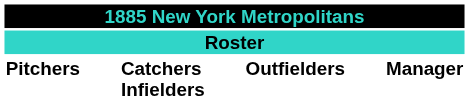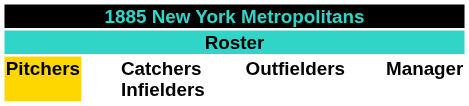 <table class="toccolours" style="font-size: 95%;">
 <tr>
 <th colspan="10" style="background-color: black; color: #30D5C8; text-align: center;">1885 New York Metropolitans</th>
 </tr>
 <tr>
 <td colspan="10" style="background-color: #30D5C8; color: black; text-align: center;"><strong>Roster</strong></td>
 </tr>
 <tr>
-<td valign="top"><strong>Pitchers</strong><br>    </td>
+<td valign="top" style="background: gold;"><strong>Pitchers</strong><br>    </td>
 <td width="25px"></td>
 <td valign="top"><strong>Catchers</strong><br>   <strong>Infielders</strong>        </td>
 <td width="25px"></td>
 <td valign="top"><strong>Outfielders</strong><br>  </td>
 <td width="25px"></td>
 <td valign="top"><strong>Manager</strong><br></td>
 </tr>
 </table>
